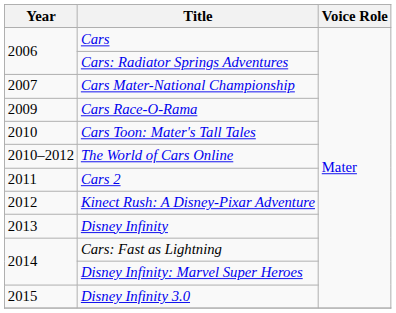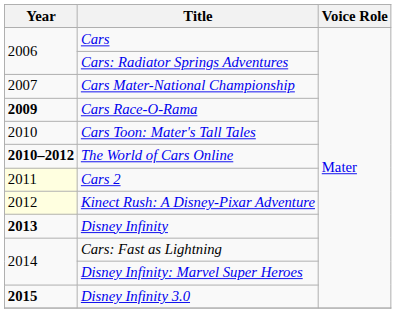 <table class="wikitable sortable">
 <tr>
 <th>Year</th>
 <th>Title</th>
 <th>Voice Role</th>
 </tr>
 <tr>
 <td rowspan="2">2006</td>
 <td><em><a href='#'>Cars</a></em></td>
 <td rowspan="12"><a href='#'>Mater</a></td>
 </tr>
 <tr>
 <td><em><a href='#'>Cars: Radiator Springs Adventures</a></em></td>
 </tr>
 <tr>
 <td>2007</td>
 <td><em><a href='#'>Cars Mater-National Championship</a></em></td>
 </tr>
 <tr>
-<td>2009</td>
+<td><strong>2009</strong></td>
 <td><em><a href='#'>Cars Race-O-Rama</a></em></td>
 </tr>
 <tr>
 <td>2010</td>
 <td><em><a href='#'>Cars Toon: Mater's Tall Tales</a></em></td>
 </tr>
 <tr>
-<td>2010–2012</td>
+<td><strong>2010–2012</strong></td>
 <td><em><a href='#'>The World of Cars Online</a></em></td>
 </tr>
 <tr>
-<td>2011</td>
+<td style="background: lightyellow;">2011</td>
 <td><em><a href='#'>Cars 2</a></em></td>
 </tr>
 <tr>
-<td>2012</td>
+<td style="background: lightyellow;">2012</td>
 <td><em><a href='#'>Kinect Rush: A Disney-Pixar Adventure</a></em></td>
 </tr>
 <tr>
-<td>2013</td>
+<td><strong>2013</strong></td>
 <td><em><a href='#'>Disney Infinity</a></em></td>
 </tr>
 <tr>
 <td rowspan="2">2014</td>
 <td><em>Cars: Fast as Lightning</em></td>
 </tr>
 <tr>
 <td><em><a href='#'>Disney Infinity: Marvel Super Heroes</a></em></td>
 </tr>
 <tr>
-<td>2015</td>
+<td><strong>2015</strong></td>
 <td><em><a href='#'>Disney Infinity 3.0</a></em></td>
 </tr>
 <tr>
 </tr>
 </table>
